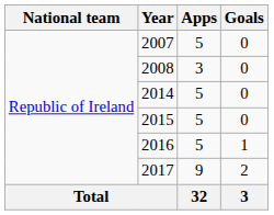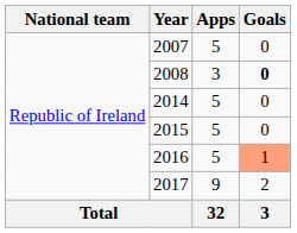 <table class=wikitable style="text-align: center;">
 <tr>
 <th>National team</th>
 <th>Year</th>
 <th>Apps</th>
 <th>Goals</th>
 </tr>
 <tr>
 <td rowspan="6"><a href='#'>Republic of Ireland</a></td>
 <td>2007</td>
 <td>5</td>
 <td>0</td>
 </tr>
 <tr>
 <td>2008</td>
 <td>3</td>
-<td>0</td>
+<td><strong>0</strong></td>
 </tr>
 <tr>
 <td>2014</td>
 <td>5</td>
 <td>0</td>
 </tr>
 <tr>
 <td>2015</td>
 <td>5</td>
 <td>0</td>
 </tr>
 <tr>
 <td>2016</td>
 <td>5</td>
-<td>1</td>
+<td style="background: lightsalmon;">1</td>
 </tr>
 <tr>
 <td>2017</td>
 <td>9</td>
 <td>2</td>
 </tr>
 <tr>
 <th colspan="2">Total</th>
 <th>32</th>
 <th>3</th>
 </tr>
 </table>
